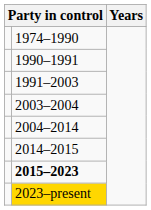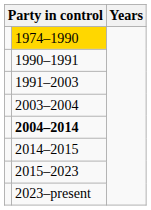 <table class="wikitable">
 <tr>
 <th colspan="2">Party in control</th>
 <th>Years</th>
 </tr>
 <tr>
 <td></td>
-<td>1974–1990</td>
+<td style="background: gold;">1974–1990</td>
 </tr>
 <tr>
 <td></td>
 <td>1990–1991</td>
 </tr>
 <tr>
 <td></td>
 <td>1991–2003</td>
 </tr>
 <tr>
 <td></td>
 <td>2003–2004</td>
 </tr>
 <tr>
 <td></td>
-<td>2004–2014</td>
+<td><strong>2004–2014</strong></td>
 </tr>
 <tr>
 <td></td>
 <td>2014–2015</td>
 </tr>
 <tr>
 <td></td>
-<td><strong>2015–2023</strong></td>
+<td>2015–2023</td>
 </tr>
 <tr>
 <td></td>
-<td style="background: gold;">2023–present</td>
+<td>2023–present</td>
 </tr>
 </table>
